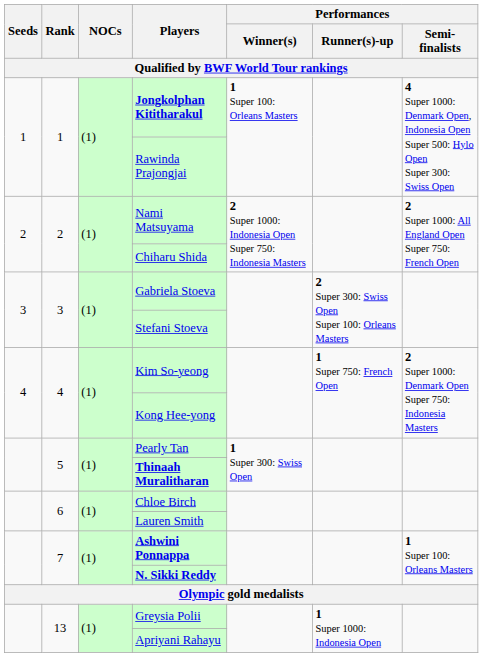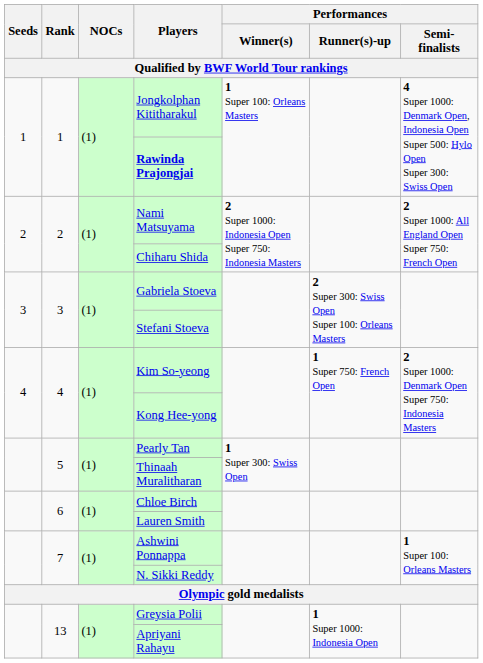 <table class="wikitable">
 <tr>
 <th rowspan="2" width="50">Seeds</th>
 <th rowspan="2" width="50">Rank</th>
 <th rowspan="2" width="150">NOCs</th>
 <th rowspan="2" width="200">Players</th>
 <th colspan="3">Performances</th>
 </tr>
 <tr>
 <th width="250">Winner(s)</th>
 <th width="250">Runner(s)-up</th>
 <th width="250">Semi-finalists</th>
 </tr>
 <tr>
 <th colspan="7">Qualified by <a href='#'>BWF World Tour rankings</a></th>
 </tr>
 <tr>
 <td align="center" rowspan="2">1</td>
 <td align="center" rowspan="2">1</td>
 <td bgcolor="#ccffcc" rowspan="2"> (1)</td>
-<td bgcolor="#ccffcc"><strong><a href='#'>Jongkolphan Kititharakul</a></strong></td>
+<td bgcolor="#ccffcc"><a href='#'>Jongkolphan Kititharakul</a></td>
 <td rowspan="2" valign="top"><strong>1</strong><br><small>Super 100: <a href='#'>Orleans Masters</a></small></td>
 <td rowspan="2" valign="top"></td>
 <td rowspan="2" valign="top"><strong>4</strong><br><small>Super 1000: <a href='#'>Denmark Open</a>, <a href='#'>Indonesia Open</a><br>Super 500: <a href='#'>Hylo Open</a><br>Super 300: <a href='#'>Swiss Open</a></small></td>
 </tr>
 <tr>
-<td bgcolor="#ccffcc"><a href='#'>Rawinda Prajongjai</a></td>
+<td bgcolor="#ccffcc"><strong><a href='#'>Rawinda Prajongjai</a></strong></td>
 </tr>
 <tr>
 <td align="center" rowspan="2">2</td>
 <td align="center" rowspan="2">2</td>
 <td bgcolor="#ccffcc" rowspan="2"> (1)</td>
 <td bgcolor="#ccffcc"><a href='#'>Nami Matsuyama</a></td>
 <td rowspan="2" valign="top"><strong>2</strong><br><small>Super 1000: <a href='#'>Indonesia Open</a><br>Super 750: <a href='#'>Indonesia Masters</a></small></td>
 <td rowspan="2" valign="top"></td>
 <td rowspan="2" valign="top"><strong>2</strong><br><small>Super 1000: <a href='#'>All England Open</a><br>Super 750: <a href='#'>French Open</a></small></td>
 </tr>
 <tr>
 <td bgcolor="#ccffcc"><a href='#'>Chiharu Shida</a></td>
 </tr>
 <tr>
 <td align="center" rowspan="2">3</td>
 <td align="center" rowspan="2">3</td>
 <td bgcolor="#ccffcc" rowspan="2"> (1)</td>
 <td bgcolor="#ccffcc"><a href='#'>Gabriela Stoeva</a></td>
 <td rowspan="2" valign="top"></td>
 <td rowspan="2" valign="top"><strong>2</strong><br><small>Super 300: <a href='#'>Swiss Open</a><br>Super 100: <a href='#'>Orleans Masters</a></small></td>
 <td rowspan="2" valign="top"></td>
 </tr>
 <tr>
 <td bgcolor="#ccffcc"><a href='#'>Stefani Stoeva</a></td>
 </tr>
 <tr>
 <td align="center" rowspan="2">4</td>
 <td align="center" rowspan="2">4</td>
 <td bgcolor="#ccffcc" rowspan="2"> (1)</td>
 <td bgcolor="#ccffcc"><a href='#'>Kim So-yeong</a></td>
 <td rowspan="2" valign="top"></td>
 <td rowspan="2" valign="top"><strong>1</strong><br><small>Super 750: <a href='#'>French Open</a></small></td>
 <td rowspan="2" valign="top"><strong>2</strong><br><small>Super 1000: <a href='#'>Denmark Open</a><br>Super 750: <a href='#'>Indonesia Masters</a></small></td>
 </tr>
 <tr>
 <td bgcolor="#ccffcc"><a href='#'>Kong Hee-yong</a></td>
 </tr>
 <tr>
 <td align="center" rowspan="2"></td>
 <td align="center" rowspan="2">5</td>
 <td bgcolor="#ccffcc" rowspan="2"> (1)</td>
 <td bgcolor="#ccffcc"><a href='#'>Pearly Tan</a></td>
 <td rowspan="2" valign="top"><strong>1</strong><br><small>Super 300: <a href='#'>Swiss Open</a></small></td>
 <td rowspan="2" valign="top"></td>
 <td rowspan="2" valign="top"></td>
 </tr>
 <tr>
-<td bgcolor="#ccffcc"><strong><a href='#'>Thinaah Muralitharan</a></strong></td>
+<td bgcolor="#ccffcc"><a href='#'>Thinaah Muralitharan</a></td>
 </tr>
 <tr>
 <td align="center" rowspan="2"></td>
 <td align="center" rowspan="2">6</td>
 <td bgcolor="#ccffcc" rowspan="2"> (1)</td>
 <td bgcolor="#ccffcc"><a href='#'>Chloe Birch</a></td>
 <td rowspan="2" valign="top"></td>
 <td rowspan="2" valign="top"></td>
 <td rowspan="2" valign="top"></td>
 </tr>
 <tr>
 <td bgcolor="#ccffcc"><a href='#'>Lauren Smith</a></td>
 </tr>
 <tr>
 <td align="center" rowspan="2"></td>
 <td align="center" rowspan="2">7</td>
 <td bgcolor="#ccffcc" rowspan="2"> (1)</td>
-<td bgcolor="#ccffcc"><strong><a href='#'>Ashwini Ponnappa</a></strong></td>
+<td bgcolor="#ccffcc"><a href='#'>Ashwini Ponnappa</a></td>
 <td rowspan="2" valign="top"></td>
 <td rowspan="2" valign="top"></td>
 <td rowspan="2" valign="top"><strong>1</strong><br><small>Super 100: <a href='#'>Orleans Masters</a></small></td>
 </tr>
 <tr>
-<td bgcolor="#ccffcc"><strong><a href='#'>N. Sikki Reddy</a></strong></td>
+<td bgcolor="#ccffcc"><a href='#'>N. Sikki Reddy</a></td>
 </tr>
 <tr>
 <th colspan="7"><a href='#'>Olympic</a> gold medalists</th>
 </tr>
 <tr>
 <td align="center" rowspan="2"></td>
 <td align="center" rowspan="2">13</td>
 <td bgcolor="#ccffcc" rowspan="2"> (1)</td>
 <td bgcolor="#ccffcc"><a href='#'>Greysia Polii</a></td>
 <td rowspan="2" valign="top"></td>
 <td rowspan="2" valign="top"><strong>1</strong><br><small>Super 1000: <a href='#'>Indonesia Open</a></small></td>
 <td rowspan="2" valign="top"></td>
 </tr>
 <tr>
 <td bgcolor="#ccffcc"><a href='#'>Apriyani Rahayu</a></td>
 </tr>
 </table>
